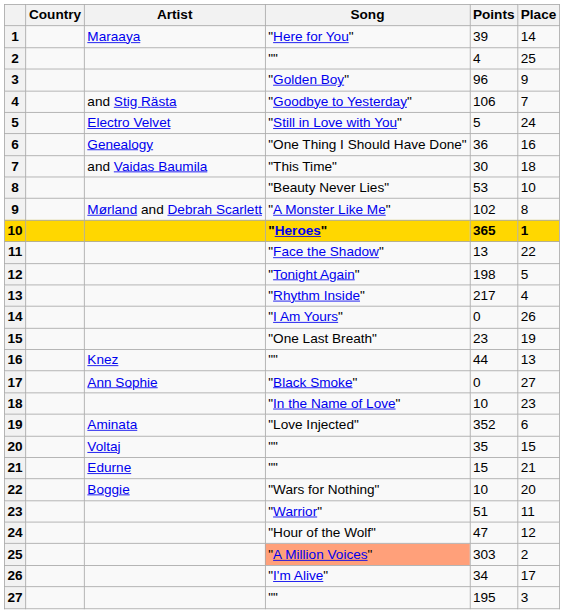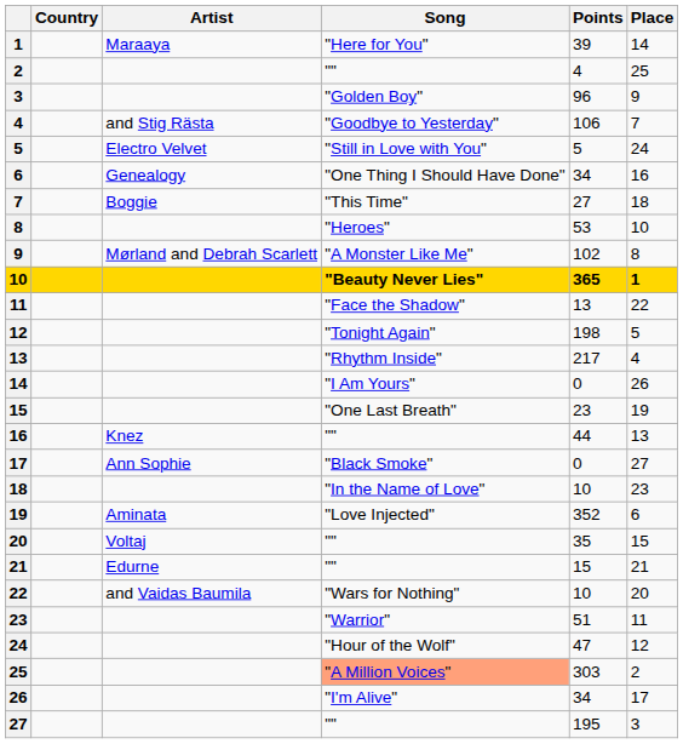 <table class="sortable wikitable plainrowheaders">
 <tr>
 <th scope="col"></th>
 <th scope="col">Country</th>
 <th scope="col">Artist</th>
 <th scope="col">Song</th>
 <th scope="col">Points</th>
 <th scope="col">Place</th>
 </tr>
 <tr>
 <th scope="row" style="text-align:center;">1</th>
 <td></td>
 <td><a href='#'>Maraaya</a></td>
 <td>"<a href='#'>Here for You</a>"</td>
 <td>39</td>
 <td>14</td>
 </tr>
 <tr>
 <th scope="row" style="text-align:center;">2</th>
 <td></td>
 <td></td>
 <td>""</td>
 <td>4</td>
 <td>25</td>
 </tr>
 <tr>
 <th scope="row" style="text-align:center;">3</th>
 <td></td>
 <td></td>
 <td>"<a href='#'>Golden Boy</a>"</td>
 <td>96</td>
 <td>9</td>
 </tr>
 <tr>
 <th scope="row" style="text-align:center;">4</th>
 <td></td>
 <td> and <a href='#'>Stig Rästa</a></td>
 <td>"<a href='#'>Goodbye to Yesterday</a>"</td>
 <td>106</td>
 <td>7</td>
 </tr>
 <tr>
 <th scope="row" style="text-align:center;">5</th>
 <td></td>
 <td><a href='#'>Electro Velvet</a></td>
 <td>"<a href='#'>Still in Love with You</a>"</td>
 <td>5</td>
 <td>24</td>
 </tr>
 <tr>
 <th scope="row" style="text-align:center;">6</th>
 <td></td>
 <td><a href='#'>Genealogy</a></td>
 <td>"One Thing I Should Have Done"</td>
-<td>36</td>
+<td>34</td>
 <td>16</td>
 </tr>
 <tr>
 <th scope="row" style="text-align:center;">7</th>
 <td></td>
-<td> and <a href='#'>Vaidas Baumila</a></td>
+<td><a href='#'>Boggie</a></td>
 <td>"This Time"</td>
-<td>30</td>
+<td>27</td>
 <td>18</td>
 </tr>
 <tr>
 <th scope="row" style="text-align:center;">8</th>
 <td></td>
 <td></td>
-<td>"Beauty Never Lies"</td>
+<td>"<a href='#'>Heroes</a>"</td>
 <td>53</td>
 <td>10</td>
 </tr>
 <tr>
 <th scope="row" style="text-align:center;" style="text-align:center;">9</th>
 <td></td>
 <td><a href='#'>Mørland</a> and <a href='#'>Debrah Scarlett</a></td>
 <td>"<a href='#'>A Monster Like Me</a>"</td>
 <td>102</td>
 <td>8</td>
 </tr>
 <tr style="font-weight:bold; background:gold;">
 <th scope="row" style="text-align:center; font-weight:bold; background:gold;">10</th>
 <td></td>
 <td></td>
-<td>"<a href='#'>Heroes</a>"</td>
+<td>"Beauty Never Lies"</td>
 <td>365</td>
 <td>1</td>
 </tr>
 <tr>
 <th scope="row" style="text-align:center;">11</th>
 <td></td>
 <td></td>
 <td>"<a href='#'>Face the Shadow</a>"</td>
 <td>13</td>
 <td>22</td>
 </tr>
 <tr>
 <th scope="row" style="text-align:center;">12</th>
 <td></td>
 <td></td>
 <td>"<a href='#'>Tonight Again</a>"</td>
 <td>198</td>
 <td>5</td>
 </tr>
 <tr>
 <th scope="row" style="text-align:center;">13</th>
 <td></td>
 <td></td>
 <td>"<a href='#'>Rhythm Inside</a>"</td>
 <td>217</td>
 <td>4</td>
 </tr>
 <tr>
 <th scope="row" style="text-align:center;">14</th>
 <td></td>
 <td></td>
 <td>"<a href='#'>I Am Yours</a>"</td>
 <td>0</td>
 <td>26</td>
 </tr>
 <tr>
 <th scope="row" style="text-align:center;">15</th>
 <td></td>
 <td></td>
 <td>"One Last Breath"</td>
 <td>23</td>
 <td>19</td>
 </tr>
 <tr>
 <th scope="row" style="text-align:center;">16</th>
 <td></td>
 <td><a href='#'>Knez</a></td>
 <td>""</td>
 <td>44</td>
 <td>13</td>
 </tr>
 <tr>
 <th scope="row" style="text-align:center;">17</th>
 <td></td>
 <td><a href='#'>Ann Sophie</a></td>
 <td>"<a href='#'>Black Smoke</a>"</td>
 <td>0</td>
 <td>27</td>
 </tr>
 <tr>
 <th scope="row" style="text-align:center;">18</th>
 <td></td>
 <td></td>
 <td>"<a href='#'>In the Name of Love</a>"</td>
 <td>10</td>
 <td>23</td>
 </tr>
 <tr>
 <th scope="row" style="text-align:center;">19</th>
 <td></td>
 <td><a href='#'>Aminata</a></td>
 <td>"Love Injected"</td>
 <td>352</td>
 <td>6</td>
 </tr>
 <tr>
 <th scope="row" style="text-align:center;">20</th>
 <td></td>
 <td><a href='#'>Voltaj</a></td>
 <td>""</td>
 <td>35</td>
 <td>15</td>
 </tr>
 <tr>
 <th scope="row" style="text-align:center;">21</th>
 <td></td>
 <td><a href='#'>Edurne</a></td>
 <td>""</td>
 <td>15</td>
 <td>21</td>
 </tr>
 <tr>
 <th scope="row" style="text-align:center;">22</th>
 <td></td>
-<td><a href='#'>Boggie</a></td>
+<td> and <a href='#'>Vaidas Baumila</a></td>
 <td>"Wars for Nothing"</td>
 <td>10</td>
 <td>20</td>
 </tr>
 <tr>
 <th scope="row" style="text-align:center;">23</th>
 <td></td>
 <td></td>
 <td>"<a href='#'>Warrior</a>"</td>
 <td>51</td>
 <td>11</td>
 </tr>
 <tr>
 <th scope="row" style="text-align:center;">24</th>
 <td></td>
 <td></td>
 <td>"Hour of the Wolf"</td>
 <td>47</td>
 <td>12</td>
 </tr>
 <tr>
 <th scope="row" style="text-align:center;">25</th>
 <td></td>
 <td></td>
 <td style="background: lightsalmon;">"<a href='#'>A Million Voices</a>"</td>
 <td>303</td>
 <td>2</td>
 </tr>
 <tr>
 <th scope="row" style="text-align:center;">26</th>
 <td></td>
 <td></td>
 <td>"<a href='#'>I'm Alive</a>"</td>
 <td>34</td>
 <td>17</td>
 </tr>
 <tr>
 <th scope="row" style="text-align:center;">27</th>
 <td></td>
 <td></td>
 <td>""</td>
 <td>195</td>
 <td>3</td>
 </tr>
 </table>
